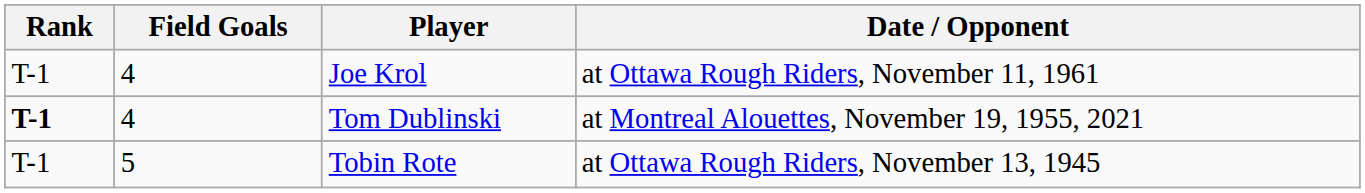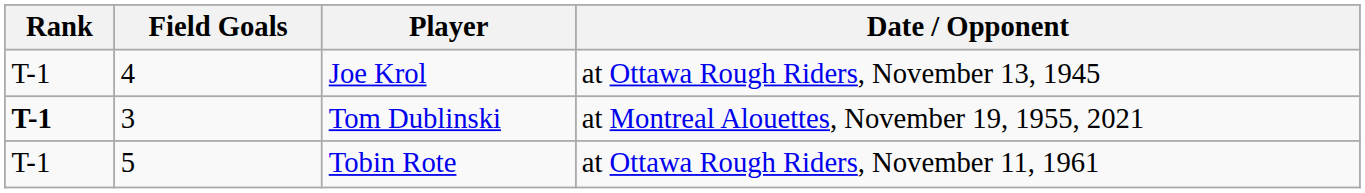 <table class="wikitable" style="width:60%;">
 <tr>
 <th>Rank</th>
 <th>Field Goals</th>
 <th>Player</th>
 <th>Date / Opponent</th>
 </tr>
 <tr>
 <td>T-1</td>
 <td>4</td>
 <td><a href='#'>Joe Krol</a></td>
-<td>at <a href='#'>Ottawa Rough Riders</a>, November 11, 1961</td>
+<td>at <a href='#'>Ottawa Rough Riders</a>, November 13, 1945</td>
 </tr>
 <tr>
 <td><strong>T-1</strong></td>
-<td>4</td>
+<td>3</td>
 <td><a href='#'>Tom Dublinski</a></td>
 <td>at <a href='#'>Montreal Alouettes</a>, November 19, 1955, 2021</td>
 </tr>
 <tr>
 <td>T-1</td>
 <td>5</td>
 <td><a href='#'>Tobin Rote</a></td>
-<td>at <a href='#'>Ottawa Rough Riders</a>, November 13, 1945</td>
+<td>at <a href='#'>Ottawa Rough Riders</a>, November 11, 1961</td>
 </tr>
 </table>
